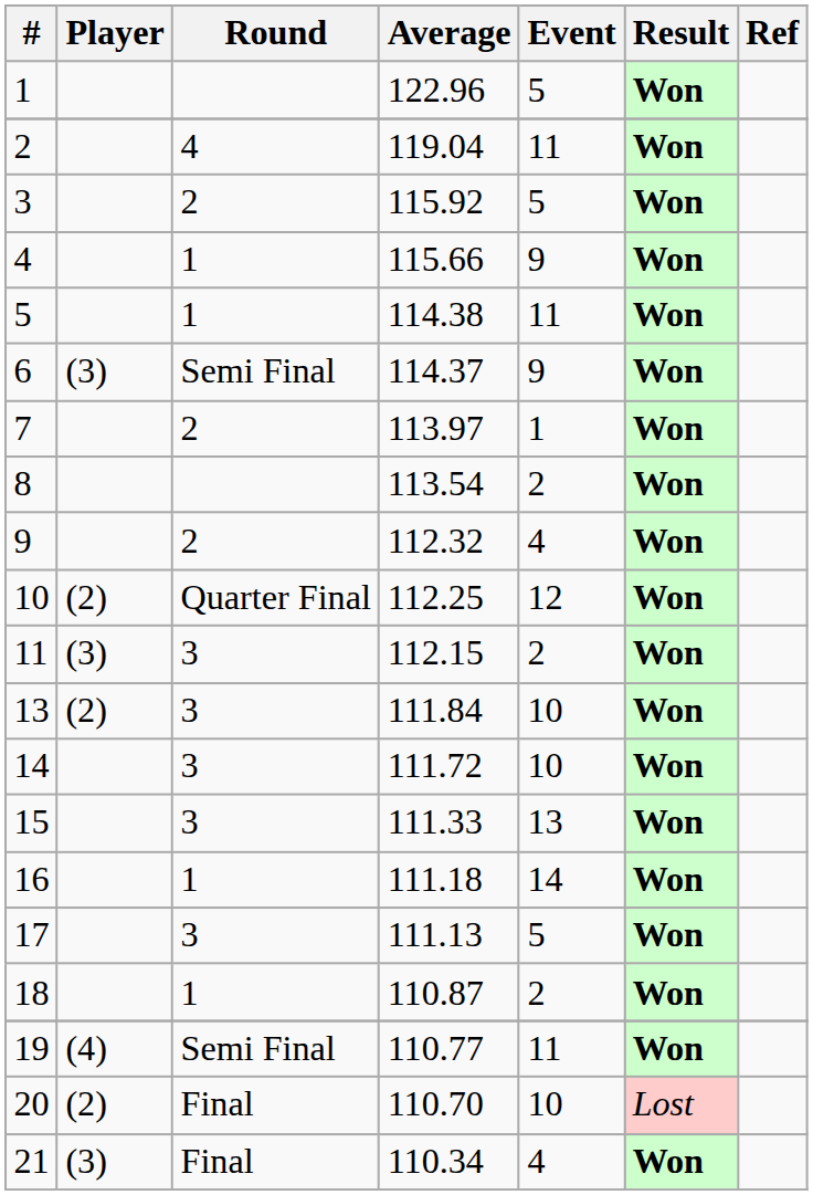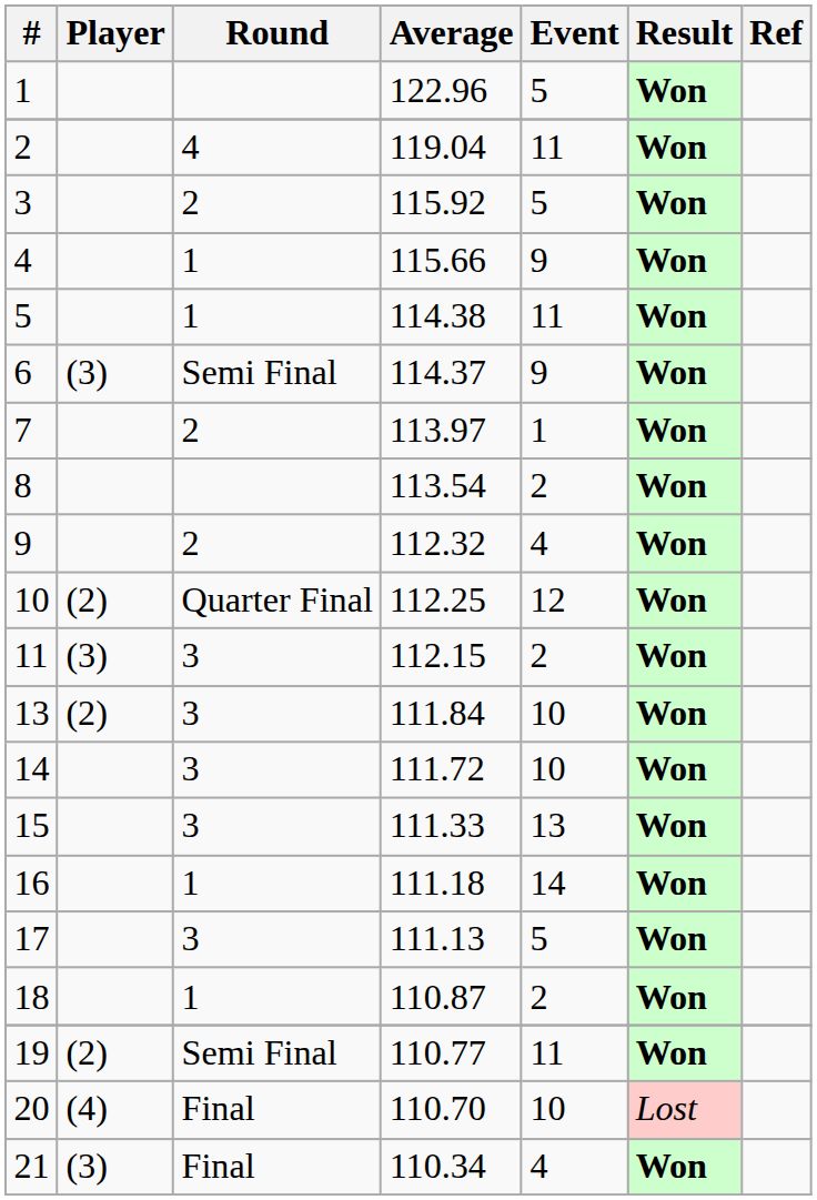 <table class ="wikitable sortable">
 <tr>
 <th>#</th>
 <th>Player</th>
 <th>Round</th>
 <th>Average</th>
 <th>Event</th>
 <th>Result</th>
 <th>Ref</th>
 </tr>
 <tr>
 <td>1</td>
 <td></td>
 <td></td>
 <td>122.96</td>
 <td>5</td>
 <td style="background:#CCFFCC;"><strong>Won</strong></td>
 <td></td>
 </tr>
 <tr>
 </tr>
 <tr>
 <td>2</td>
 <td></td>
 <td>4</td>
 <td>119.04</td>
 <td>11</td>
 <td style="background:#CCFFCC;"><strong>Won</strong></td>
 <td></td>
 </tr>
 <tr>
 <td>3</td>
 <td></td>
 <td>2</td>
 <td>115.92</td>
 <td>5</td>
 <td style="background:#CCFFCC;"><strong>Won</strong></td>
 <td></td>
 </tr>
 <tr>
 <td>4</td>
 <td></td>
 <td>1</td>
 <td>115.66</td>
 <td>9</td>
 <td style="background:#CCFFCC;"><strong>Won</strong></td>
 </tr>
 <tr>
 <td>5</td>
 <td></td>
 <td>1</td>
 <td>114.38</td>
 <td>11</td>
 <td style="background:#CCFFCC;"><strong>Won</strong></td>
 <td></td>
 </tr>
 <tr>
 <td>6</td>
 <td> (3)</td>
 <td>Semi Final</td>
 <td>114.37</td>
 <td>9</td>
 <td style="background:#CCFFCC;"><strong>Won</strong></td>
 <td></td>
 </tr>
 <tr>
 <td>7</td>
 <td></td>
 <td>2</td>
 <td>113.97</td>
 <td>1</td>
 <td style="background:#CCFFCC;"><strong>Won</strong></td>
 <td></td>
 </tr>
 <tr>
 <td>8</td>
 <td></td>
 <td></td>
 <td>113.54</td>
 <td>2</td>
 <td style="background:#CCFFCC;"><strong>Won</strong></td>
 <td></td>
 </tr>
 <tr>
 <td>9</td>
 <td></td>
 <td>2</td>
 <td>112.32</td>
 <td>4</td>
 <td style="background:#CCFFCC;"><strong>Won</strong></td>
 <td></td>
 </tr>
 <tr>
 <td>10</td>
 <td> (2)</td>
 <td>Quarter Final</td>
 <td>112.25</td>
 <td>12</td>
 <td style="background:#CCFFCC;"><strong>Won</strong></td>
 <td></td>
 </tr>
 <tr>
 <td>11</td>
 <td> (3)</td>
 <td>3</td>
 <td>112.15</td>
 <td>2</td>
 <td style="background:#CCFFCC;"><strong>Won</strong></td>
 <td></td>
 </tr>
 <tr>
 <td>13</td>
 <td> (2)</td>
 <td>3</td>
 <td>111.84</td>
 <td>10</td>
 <td style="background:#CCFFCC;"><strong>Won</strong></td>
 <td></td>
 </tr>
 <tr>
 <td>14</td>
 <td></td>
 <td>3</td>
 <td>111.72</td>
 <td>10</td>
 <td style="background:#CCFFCC;"><strong>Won</strong></td>
 <td></td>
 </tr>
 <tr>
 <td>15</td>
 <td></td>
 <td>3</td>
 <td>111.33</td>
 <td>13</td>
 <td style="background:#CCFFCC;"><strong>Won</strong></td>
 <td></td>
 </tr>
 <tr>
 <td>16</td>
 <td></td>
 <td>1</td>
 <td>111.18</td>
 <td>14</td>
 <td style="background:#CCFFCC;"><strong>Won</strong></td>
 <td></td>
 </tr>
 <tr>
 <td>17</td>
 <td></td>
 <td>3</td>
 <td>111.13</td>
 <td>5</td>
 <td style="background:#CCFFCC;"><strong>Won</strong></td>
 <td></td>
 </tr>
 <tr>
 <td>18</td>
 <td></td>
 <td>1</td>
 <td>110.87</td>
 <td>2</td>
 <td style="background:#CCFFCC;"><strong>Won</strong></td>
 <td></td>
 </tr>
 <tr>
 </tr>
 <tr>
 <td>19</td>
-<td> (4)</td>
+<td> (2)</td>
 <td>Semi Final</td>
 <td>110.77</td>
 <td>11</td>
 <td style="background:#CCFFCC;"><strong>Won</strong></td>
 <td></td>
 </tr>
 <tr>
 <td>20</td>
-<td> (2)</td>
+<td> (4)</td>
 <td>Final</td>
 <td>110.70</td>
 <td>10</td>
 <td style="background:#FFccCC;"><em>Lost</em></td>
 <td></td>
 </tr>
 <tr>
 <td>21</td>
 <td> (3)</td>
 <td>Final</td>
 <td>110.34</td>
 <td>4</td>
 <td style="background:#CCFFCC;"><strong>Won</strong></td>
 <td></td>
 </tr>
 <tr>
 </tr>
 </table>
